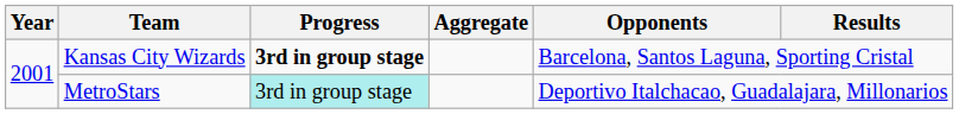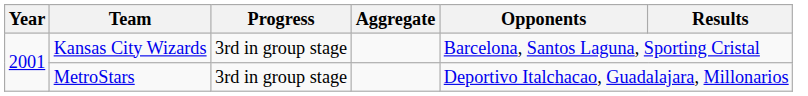 <table class="wikitable">
 <tr>
 <th>Year</th>
 <th>Team</th>
 <th>Progress</th>
 <th>Aggregate</th>
 <th>Opponents</th>
 <th>Results</th>
 </tr>
 <tr>
 <td rowspan="2"><a href='#'>2001</a></td>
 <td><a href='#'>Kansas City Wizards</a></td>
-<td><strong>3rd in group stage</strong></td>
+<td>3rd in group stage</td>
 <td></td>
 <td colspan="2"> <a href='#'>Barcelona</a>,  <a href='#'>Santos Laguna</a>,  <a href='#'>Sporting Cristal</a></td>
 </tr>
 <tr>
 <td><a href='#'>MetroStars</a></td>
-<td style="background: paleturquoise;">3rd in group stage</td>
+<td>3rd in group stage</td>
 <td></td>
 <td colspan="2"> <a href='#'>Deportivo Italchacao</a>,  <a href='#'>Guadalajara</a>,  <a href='#'>Millonarios</a></td>
 </tr>
 </table>
